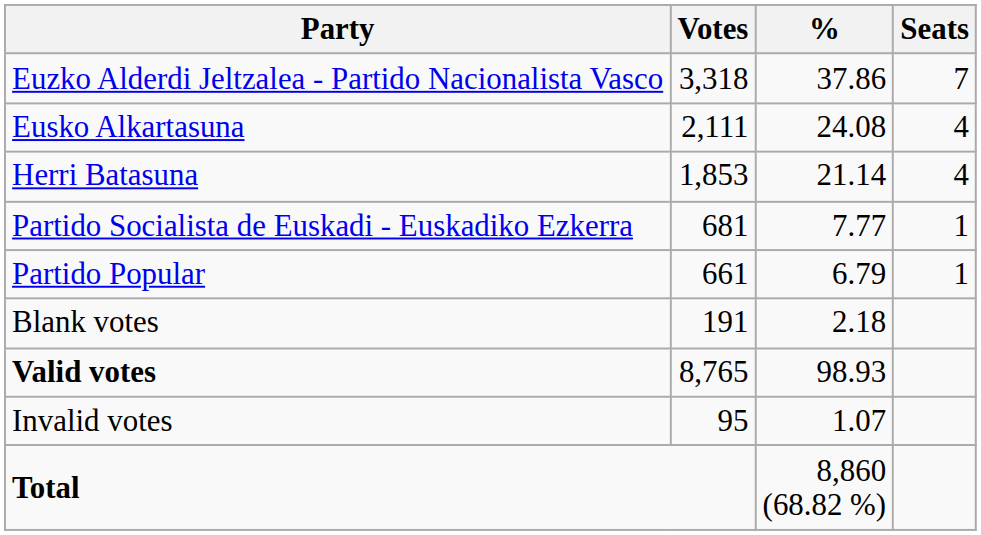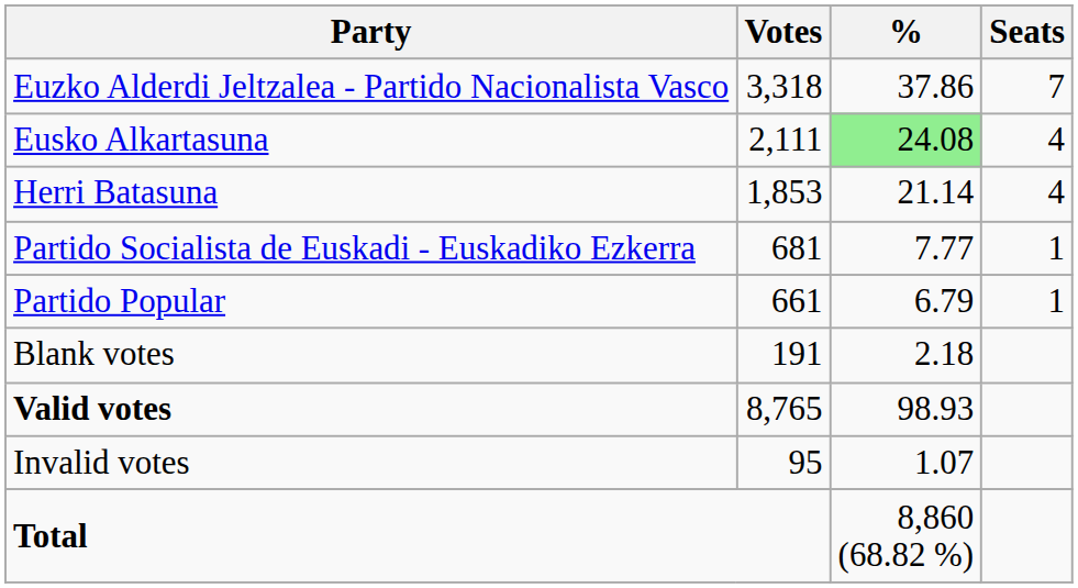 <table class="wikitable" border="1">
 <tr style="background-color:#E9E9E9">
 <th>Party</th>
 <th>Votes</th>
 <th>%</th>
 <th>Seats</th>
 </tr>
 <tr>
 <td><a href='#'>Euzko Alderdi Jeltzalea - Partido Nacionalista Vasco</a></td>
 <td align="right">3,318</td>
 <td align="right">37.86</td>
 <td align="right">7</td>
 </tr>
 <tr>
 <td><a href='#'>Eusko Alkartasuna</a></td>
 <td align="right">2,111</td>
-<td align="right">24.08</td>
+<td align="right" style="background: lightgreen;">24.08</td>
 <td align="right">4</td>
 </tr>
 <tr>
 <td><a href='#'>Herri Batasuna</a></td>
 <td align="right">1,853</td>
 <td align="right">21.14</td>
 <td align="right">4</td>
 </tr>
 <tr>
 <td><a href='#'>Partido Socialista de Euskadi - Euskadiko Ezkerra</a></td>
 <td align="right">681</td>
 <td align="right">7.77</td>
 <td align="right">1</td>
 </tr>
 <tr>
 <td><a href='#'>Partido Popular</a></td>
 <td align="right">661</td>
 <td align="right">6.79</td>
 <td align="right">1</td>
 </tr>
 <tr>
 <td>Blank votes</td>
 <td align="right">191</td>
 <td align="right">2.18</td>
 <td> </td>
 </tr>
 <tr>
 <td><strong>Valid votes</strong></td>
 <td align="right">8,765</td>
 <td align="right">98.93</td>
 <td> </td>
 </tr>
 <tr>
 <td>Invalid votes</td>
 <td align="right">95</td>
 <td align="right">1.07</td>
 <td> </td>
 </tr>
 <tr>
 <td colspan="2"><strong>Total</strong></td>
 <td align="right">8,860<br>(68.82 %)</td>
 <td></td>
 </tr>
 </table>
